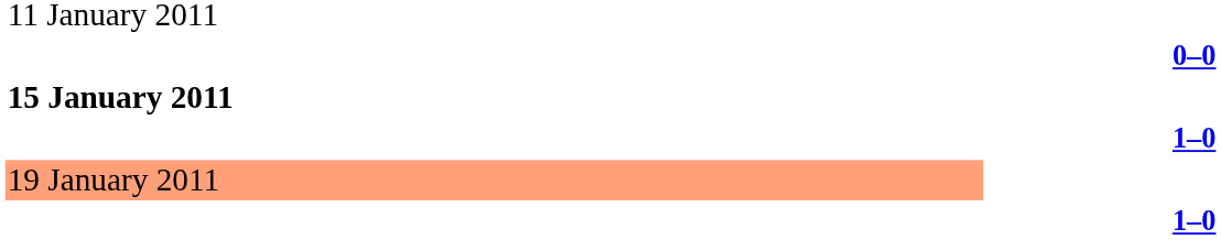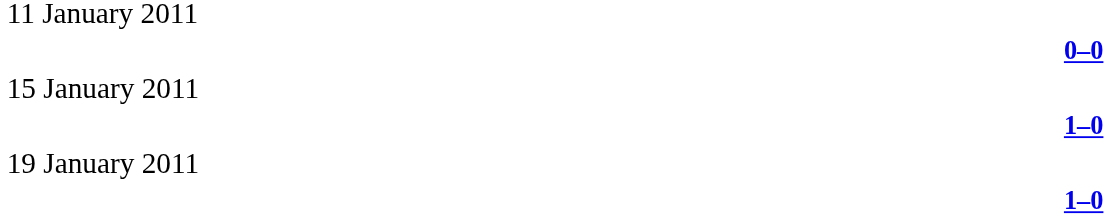 <table style="width:70%;" cellspacing="1">
 <tr>
 <th width=35%></th>
 <th width=15%></th>
 <th></th>
 </tr>
 <tr>
 <td>11 January 2011</td>
 </tr>
 <tr style=font-size:90%>
 <td align=right><strong></strong></td>
 <td align=center><strong><a href='#'>0–0</a></strong></td>
 <td><strong></strong></td>
 </tr>
 <tr>
-<td><strong>15 January 2011</strong></td>
+<td>15 January 2011</td>
 </tr>
 <tr style=font-size:90%>
 <td align=right><strong></strong></td>
 <td align=center><strong><a href='#'>1–0</a></strong></td>
 <td><strong></strong></td>
 </tr>
 <tr>
-<td style="background: lightsalmon;">19 January 2011</td>
+<td>19 January 2011</td>
 </tr>
 <tr style=font-size:90%>
 <td align=right><strong></strong></td>
 <td align=center><strong><a href='#'>1–0</a></strong></td>
 <td><strong></strong></td>
 </tr>
 </table>
